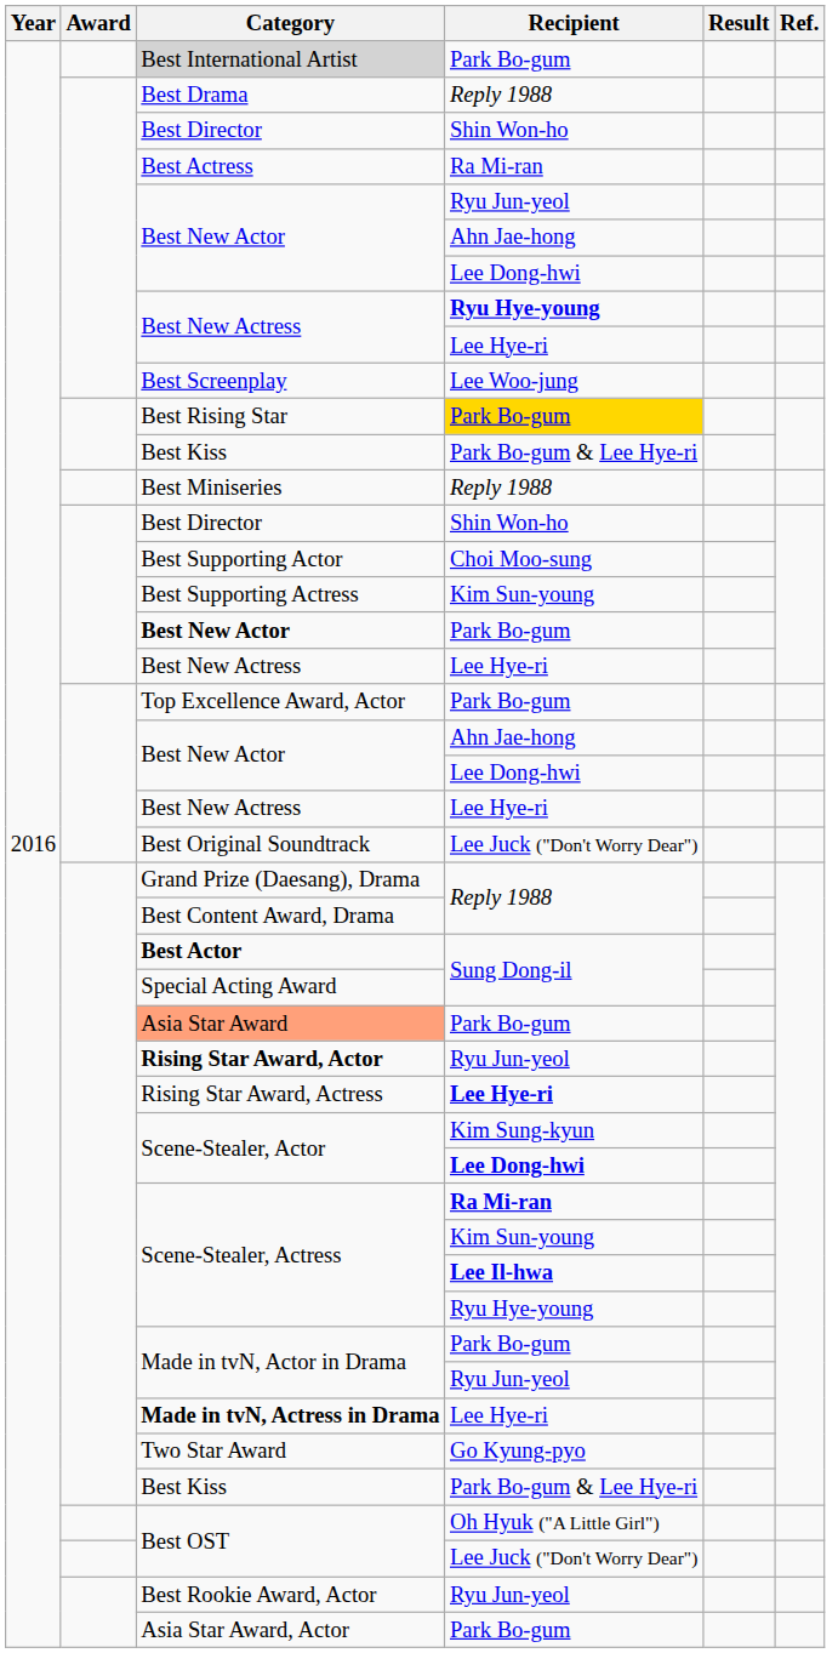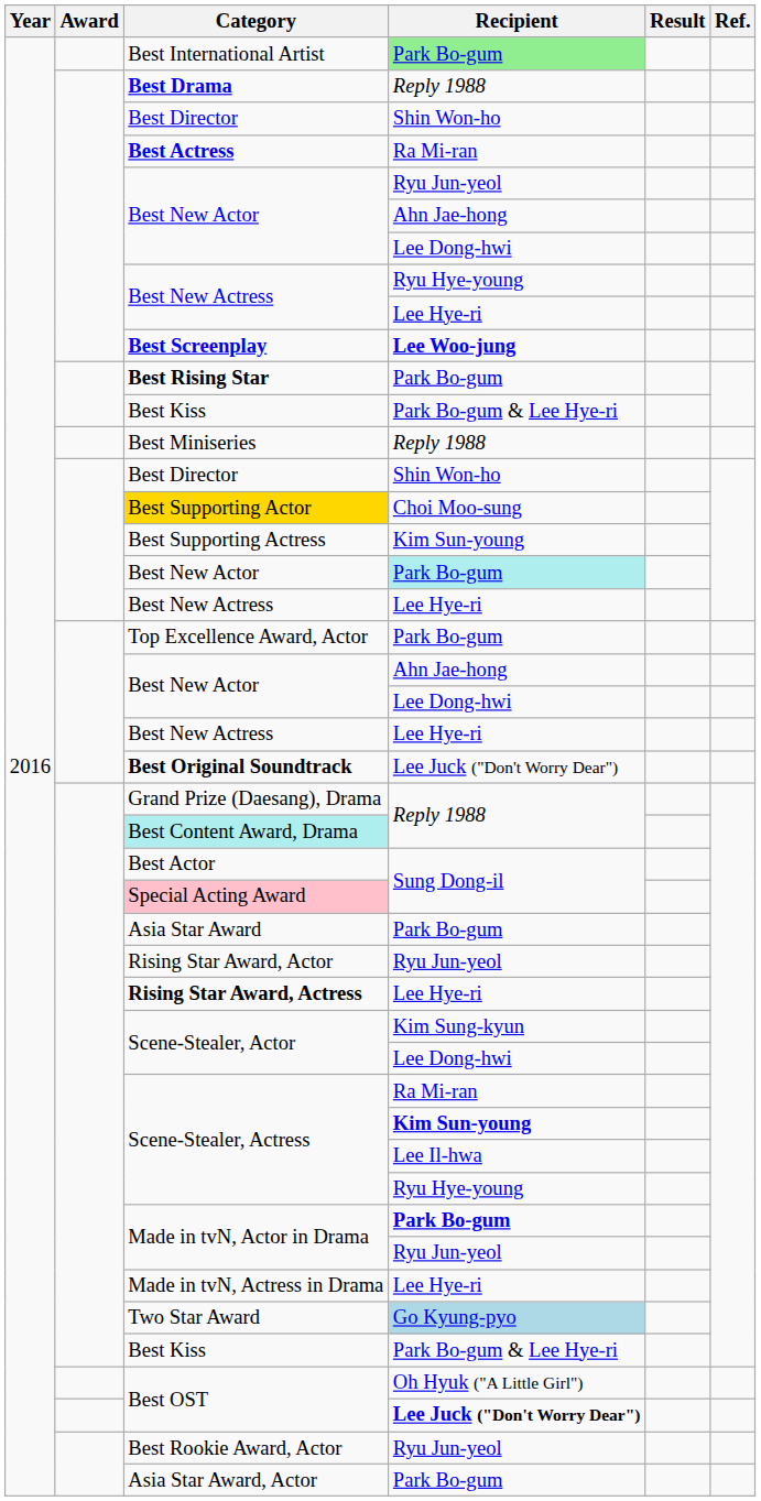 <table class="wikitable sortable">
 <tr>
 <th>Year</th>
 <th>Award</th>
 <th>Category</th>
 <th>Recipient</th>
 <th>Result</th>
 <th>Ref.</th>
 </tr>
 <tr>
 <td rowspan="52">2016</td>
 <td></td>
-<td style="background: lightgrey;">Best International Artist</td>
-<td><a href='#'>Park Bo-gum</a></td>
+<td>Best International Artist</td>
+<td style="background: lightgreen;"><a href='#'>Park Bo-gum</a></td>
 <td></td>
 <td></td>
 </tr>
 <tr>
 <td rowspan="9"></td>
-<td><a href='#'>Best Drama</a></td>
+<td><strong><a href='#'>Best Drama</a></strong></td>
 <td><em>Reply 1988</em></td>
 <td></td>
 <td></td>
 </tr>
 <tr>
 <td><a href='#'>Best Director</a></td>
 <td><a href='#'>Shin Won-ho</a></td>
 <td></td>
 <td></td>
 </tr>
 <tr>
-<td><a href='#'>Best Actress</a></td>
+<td><strong><a href='#'>Best Actress</a></strong></td>
 <td><a href='#'>Ra Mi-ran</a></td>
 <td></td>
 <td></td>
 </tr>
 <tr>
 <td rowspan="3"><a href='#'>Best New Actor</a></td>
 <td><a href='#'>Ryu Jun-yeol</a></td>
 <td></td>
 <td></td>
 </tr>
 <tr>
 <td><a href='#'>Ahn Jae-hong</a></td>
 <td></td>
 <td></td>
 </tr>
 <tr>
 <td><a href='#'>Lee Dong-hwi</a></td>
 <td></td>
 <td></td>
 </tr>
 <tr>
 <td rowspan="2"><a href='#'>Best New Actress</a></td>
-<td><strong><a href='#'>Ryu Hye-young</a></strong></td>
+<td><a href='#'>Ryu Hye-young</a></td>
 <td></td>
 <td></td>
 </tr>
 <tr>
 <td><a href='#'>Lee Hye-ri</a></td>
 <td></td>
 <td></td>
 </tr>
 <tr>
-<td><a href='#'>Best Screenplay</a></td>
-<td><a href='#'>Lee Woo-jung</a></td>
+<td><strong><a href='#'>Best Screenplay</a></strong></td>
+<td><strong><a href='#'>Lee Woo-jung</a></strong></td>
 <td></td>
 <td></td>
 </tr>
 <tr>
 <td rowspan="2"></td>
-<td>Best Rising Star</td>
-<td style="background: gold;"><a href='#'>Park Bo-gum</a></td>
+<td><strong>Best Rising Star</strong></td>
+<td><a href='#'>Park Bo-gum</a></td>
 <td></td>
 <td rowspan="2"></td>
 </tr>
 <tr>
 <td>Best Kiss</td>
 <td><a href='#'>Park Bo-gum</a> & <a href='#'>Lee Hye-ri</a></td>
 <td></td>
 </tr>
 <tr>
 <td></td>
 <td>Best Miniseries</td>
 <td><em>Reply 1988</em></td>
 <td></td>
 <td></td>
 </tr>
 <tr>
 <td rowspan="5"></td>
 <td>Best Director</td>
 <td><a href='#'>Shin Won-ho</a></td>
 <td></td>
 <td rowspan="5"></td>
 </tr>
 <tr>
-<td>Best Supporting Actor</td>
+<td style="background: gold;">Best Supporting Actor</td>
 <td><a href='#'>Choi Moo-sung</a></td>
 <td></td>
 </tr>
 <tr>
 <td>Best Supporting Actress</td>
 <td><a href='#'>Kim Sun-young</a></td>
 <td></td>
 </tr>
 <tr>
-<td><strong>Best New Actor</strong></td>
-<td><a href='#'>Park Bo-gum</a></td>
+<td>Best New Actor</td>
+<td style="background: paleturquoise;"><a href='#'>Park Bo-gum</a></td>
 <td></td>
 </tr>
 <tr>
 <td>Best New Actress</td>
 <td><a href='#'>Lee Hye-ri</a></td>
 <td></td>
 </tr>
 <tr>
 <td rowspan="5"></td>
 <td>Top Excellence Award, Actor</td>
 <td><a href='#'>Park Bo-gum</a></td>
 <td></td>
 <td></td>
 </tr>
 <tr>
 <td rowspan="2">Best New Actor</td>
 <td><a href='#'>Ahn Jae-hong</a></td>
 <td></td>
 <td></td>
 </tr>
 <tr>
 <td><a href='#'>Lee Dong-hwi</a></td>
 <td></td>
 <td></td>
 </tr>
 <tr>
 <td>Best New Actress</td>
 <td><a href='#'>Lee Hye-ri</a></td>
 <td></td>
 <td></td>
 </tr>
 <tr>
-<td>Best Original Soundtrack</td>
+<td><strong>Best Original Soundtrack</strong></td>
 <td><a href='#'>Lee Juck</a> <small>("Don't Worry Dear")</small></td>
 <td></td>
 <td></td>
 </tr>
 <tr>
 <td rowspan="18"></td>
 <td>Grand Prize (Daesang), Drama</td>
 <td rowspan="2"><em>Reply 1988</em></td>
 <td></td>
 <td rowspan="18"></td>
 </tr>
 <tr>
-<td>Best Content Award, Drama</td>
+<td style="background: paleturquoise;">Best Content Award, Drama</td>
 <td></td>
 </tr>
 <tr>
-<td><strong>Best Actor</strong></td>
+<td>Best Actor</td>
 <td rowspan="2"><a href='#'>Sung Dong-il</a></td>
 <td></td>
 </tr>
 <tr>
-<td>Special Acting Award</td>
+<td style="background: pink;">Special Acting Award</td>
 <td></td>
 </tr>
 <tr>
-<td style="background: lightsalmon;">Asia Star Award</td>
+<td>Asia Star Award</td>
 <td><a href='#'>Park Bo-gum</a></td>
 <td></td>
 </tr>
 <tr>
-<td><strong>Rising Star Award, Actor</strong></td>
+<td>Rising Star Award, Actor</td>
 <td><a href='#'>Ryu Jun-yeol</a></td>
 <td></td>
 </tr>
 <tr>
-<td>Rising Star Award, Actress</td>
-<td><strong><a href='#'>Lee Hye-ri</a></strong></td>
+<td><strong>Rising Star Award, Actress</strong></td>
+<td><a href='#'>Lee Hye-ri</a></td>
 <td></td>
 </tr>
 <tr>
 <td rowspan="2">Scene-Stealer, Actor</td>
 <td><a href='#'>Kim Sung-kyun</a></td>
 <td></td>
 </tr>
 <tr>
-<td><strong><a href='#'>Lee Dong-hwi</a></strong></td>
+<td><a href='#'>Lee Dong-hwi</a></td>
 <td></td>
 </tr>
 <tr>
 <td rowspan="4">Scene-Stealer, Actress</td>
-<td><strong><a href='#'>Ra Mi-ran</a></strong></td>
+<td><a href='#'>Ra Mi-ran</a></td>
 <td></td>
 </tr>
 <tr>
-<td><a href='#'>Kim Sun-young</a></td>
+<td><strong><a href='#'>Kim Sun-young</a></strong></td>
 <td></td>
 </tr>
 <tr>
-<td><strong><a href='#'>Lee Il-hwa</a></strong></td>
+<td><a href='#'>Lee Il-hwa</a></td>
 <td></td>
 </tr>
 <tr>
 <td><a href='#'>Ryu Hye-young</a></td>
 <td></td>
 </tr>
 <tr>
 <td rowspan="2">Made in tvN, Actor in Drama</td>
-<td><a href='#'>Park Bo-gum</a></td>
+<td><strong><a href='#'>Park Bo-gum</a></strong></td>
 <td></td>
 </tr>
 <tr>
 <td><a href='#'>Ryu Jun-yeol</a></td>
 <td></td>
 </tr>
 <tr>
-<td><strong>Made in tvN, Actress in Drama</strong></td>
+<td>Made in tvN, Actress in Drama</td>
 <td><a href='#'>Lee Hye-ri</a></td>
 <td></td>
 </tr>
 <tr>
 <td>Two Star Award</td>
-<td><a href='#'>Go Kyung-pyo</a></td>
+<td style="background: lightblue;"><a href='#'>Go Kyung-pyo</a></td>
 <td></td>
 </tr>
 <tr>
 <td>Best Kiss</td>
 <td><a href='#'>Park Bo-gum</a> & <a href='#'>Lee Hye-ri</a></td>
 <td></td>
 </tr>
 <tr>
 <td rowspan="1"></td>
 <td rowspan="2">Best OST</td>
 <td rowspan="1"><a href='#'>Oh Hyuk</a> <small>("A Little Girl")</small></td>
 <td></td>
 <td></td>
 </tr>
 <tr>
 <td></td>
-<td><a href='#'>Lee Juck</a> <small>("Don't Worry Dear")</small></td>
+<td><strong><a href='#'>Lee Juck</a> <small>("Don't Worry Dear")</small></strong></td>
 <td></td>
 <td></td>
 </tr>
 <tr>
 <td rowspan=2></td>
 <td>Best Rookie Award, Actor</td>
 <td><a href='#'>Ryu Jun-yeol</a></td>
 <td></td>
 <td></td>
 </tr>
 <tr>
 <td>Asia Star Award, Actor</td>
 <td><a href='#'>Park Bo-gum</a></td>
 <td></td>
 <td></td>
 </tr>
 </table>
